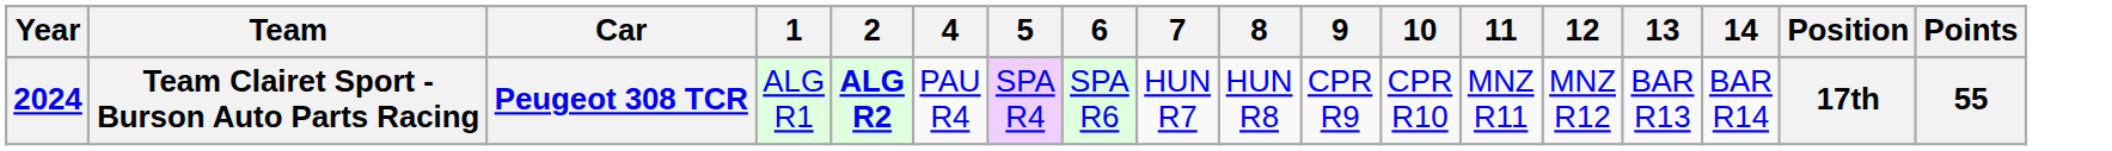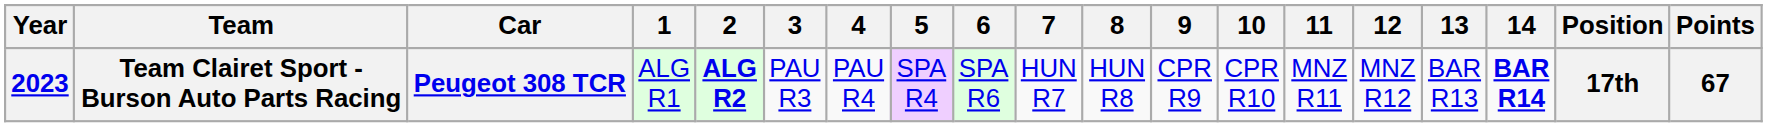 <table class="wikitable" style="text-align:center; font-size:75%">
 <tr>
 <th>Year</th>
 <th>Team</th>
 <th>Car</th>
 <th>1</th>
 <th>2</th>
+<th>3</th>
 <th>4</th>
 <th>5</th>
 <th>6</th>
 <th>7</th>
 <th>8</th>
 <th>9</th>
 <th>10</th>
 <th>11</th>
 <th>12</th>
 <th>13</th>
 <th>14</th>
 <th>Position</th>
 <th>Points</th>
 </tr>
 <tr>
-<th><a href='#'>2024</a></th>
+<th><a href='#'>2023</a></th>
 <th nowrap>Team Clairet Sport -<br>Burson Auto Parts Racing</th>
 <th><a href='#'>Peugeot 308 TCR</a></th>
 <td style="background:#dfffdf"><a href='#'>ALG<br>R1</a><br></td>
 <td style="background:#dfffdf"><strong><a href='#'>ALG<br>R2</a><br></strong></td>
+<td><a href='#'>PAU<br>R3</a></td>
 <td><a href='#'>PAU<br>R4</a></td>
 <td style=background:#efcfff><a href='#'>SPA<br>R4</a><br></td>
 <td style=background:#dfffdf><a href='#'>SPA<br>R6</a><br></td>
 <td><a href='#'>HUN<br>R7</a></td>
 <td><a href='#'>HUN<br>R8</a></td>
 <td><a href='#'>CPR<br>R9</a></td>
 <td><a href='#'>CPR<br>R10</a></td>
 <td><a href='#'>MNZ<br>R11</a></td>
 <td><a href='#'>MNZ<br>R12</a></td>
 <td><a href='#'>BAR<br>R13</a></td>
-<td><a href='#'>BAR<br>R14</a></td>
+<td><strong><a href='#'>BAR<br>R14</a></strong></td>
 <th>17th</th>
-<th>55</th>
+<th>67</th>
 </tr>
 </table>
